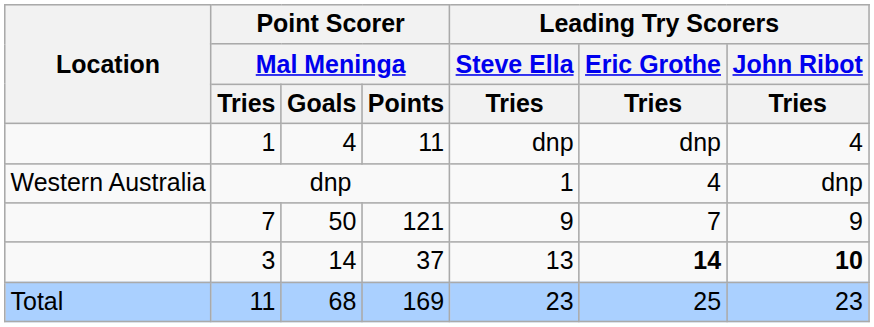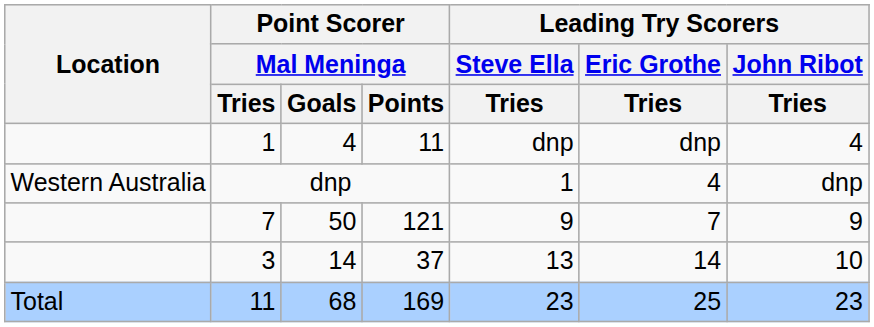 <table class="wikitable">
 <tr>
 <th rowspan=3>Location</th>
 <th colspan= 3>Point Scorer</th>
 <th colspan= 3>Leading Try Scorers</th>
 </tr>
 <tr>
 <th colspan= 3><a href='#'>Mal Meninga</a></th>
 <th><a href='#'>Steve Ella</a></th>
 <th><a href='#'>Eric Grothe</a></th>
 <th><a href='#'>John Ribot</a></th>
 </tr>
 <tr>
 <th>Tries</th>
 <th>Goals</th>
 <th>Points</th>
 <th>Tries</th>
 <th>Tries</th>
 <th>Tries</th>
 </tr>
 <tr style="text-align:right;">
 <td style="text-align:left;"></td>
 <td>1</td>
 <td>4</td>
 <td>11</td>
 <td>dnp</td>
 <td>dnp</td>
 <td>4</td>
 </tr>
 <tr style="text-align:right;">
 <td style="text-align:left;"> Western Australia</td>
 <td colspan=3 style="text-align:center;">dnp</td>
 <td>1</td>
 <td>4</td>
 <td>dnp</td>
 </tr>
 <tr style="text-align:right;">
 <td style="text-align:left;"></td>
 <td>7</td>
 <td>50</td>
 <td>121</td>
 <td>9</td>
 <td>7</td>
 <td>9</td>
 </tr>
 <tr style="text-align:right;">
 <td style="text-align:left;"></td>
 <td>3</td>
 <td>14</td>
 <td>37</td>
 <td>13</td>
-<td><strong>14</strong></td>
-<td><strong>10</strong></td>
+<td>14</td>
+<td>10</td>
 </tr>
 <tr style="background:#AAD0FF; text-align:right;">
 <td style="text-align:left;">Total</td>
 <td>11</td>
 <td>68</td>
 <td>169</td>
 <td>23</td>
 <td>25</td>
 <td>23</td>
 </tr>
 </table>
